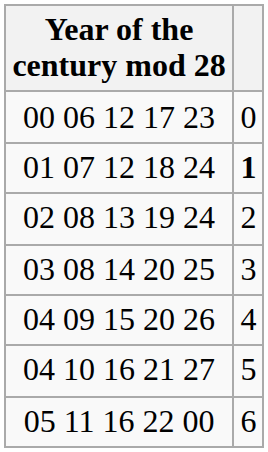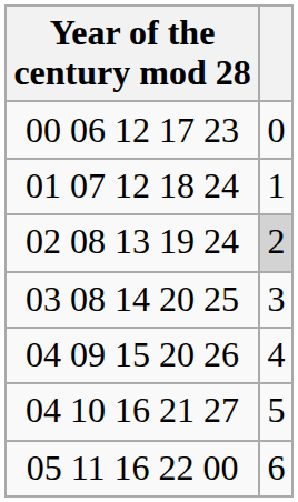 <table class="wikitable" style="text-align:center">
 <tr>
 <th>Year of the<br>century mod 28</th>
 <th></th>
 </tr>
 <tr>
 <td><span>00</span> 06 <span>12</span> 17 23</td>
 <td>0</td>
 </tr>
 <tr>
 <td>01 07 <span>12</span> 18 <span>24</span></td>
-<td><strong>1</strong></td>
+<td>1</td>
 </tr>
 <tr>
 <td>02 <span>08</span> 13 19 <span>24</span></td>
-<td>2</td>
+<td style="background: lightgrey;">2</td>
 </tr>
 <tr>
 <td>03 <span>08</span> 14 <span>20</span> 25</td>
 <td>3</td>
 </tr>
 <tr>
 <td><span>04</span> 09 15 <span>20</span> 26</td>
 <td>4</td>
 </tr>
 <tr>
 <td><span>04</span> 10 <span>16</span> 21 27</td>
 <td>5</td>
 </tr>
 <tr>
 <td>05 11 <span>16</span> 22 <span>00</span></td>
 <td>6</td>
 </tr>
 </table>
